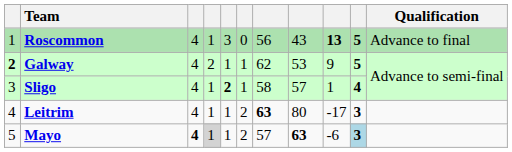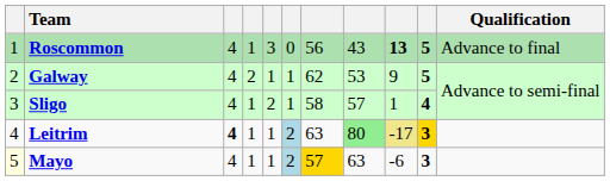 <table class="wikitable">
 <tr>
 <th width="10"></th>
 <th width="170" style="text-align:left;">Team</th>
 <th width="10"></th>
 <th width="10"></th>
 <th width="10"></th>
 <th width="10"></th>
 <th width="30"></th>
 <th width="30"></th>
 <th width="10"></th>
 <th width="10"></th>
 <th>Qualification</th>
 </tr>
 <tr style="background:#ace1af">
 <td>1</td>
 <td align="left"><strong> <a href='#'>Roscommon</a></strong></td>
 <td>4</td>
 <td>1</td>
 <td>3</td>
 <td>0</td>
 <td>56</td>
 <td>43</td>
 <td><strong>13</strong></td>
 <td><strong>5</strong></td>
 <td>Advance to final</td>
 </tr>
 <tr style="background:#ccffcc">
-<td><strong>2</strong></td>
+<td>2</td>
 <td align="left"><strong> <a href='#'>Galway</a></strong></td>
 <td>4</td>
 <td>2</td>
 <td>1</td>
 <td>1</td>
 <td>62</td>
 <td>53</td>
 <td>9</td>
 <td><strong>5</strong></td>
 <td rowspan=2>Advance to semi-final</td>
 </tr>
 <tr style="background:#ccffcc">
 <td>3</td>
 <td align="left"><strong> <a href='#'>Sligo</a></strong></td>
 <td>4</td>
 <td>1</td>
-<td><strong>2</strong></td>
+<td>2</td>
 <td>1</td>
 <td>58</td>
 <td>57</td>
 <td>1</td>
 <td><strong>4</strong></td>
 </tr>
 <tr>
 <td>4</td>
 <td align="left"><strong> <a href='#'>Leitrim</a></strong></td>
+<td><strong>4</strong></td>
+<td>1</td>
+<td>1</td>
+<td style="background: lightblue;">2</td>
+<td>63</td>
+<td style="background: lightgreen;">80</td>
+<td style="background: khaki;">-17</td>
+<td style="background: gold;"><strong>3</strong></td>
+<td></td>
+</tr>
+<tr>
+<td style="background: lightyellow;">5</td>
+<td align="left"><strong> <a href='#'>Mayo</a></strong></td>
 <td>4</td>
 <td>1</td>
 <td>1</td>
-<td>2</td>
-<td><strong>63</strong></td>
-<td>80</td>
-<td>-17</td>
+<td style="background: lightblue;">2</td>
+<td style="background: gold;">57</td>
+<td>63</td>
+<td>-6</td>
 <td><strong>3</strong></td>
 <td></td>
 </tr>
-<tr>
-<td>5</td>
-<td align="left"><strong> <a href='#'>Mayo</a></strong></td>
-<td><strong>4</strong></td>
-<td style="background: lightgrey;">1</td>
-<td>1</td>
-<td>2</td>
-<td>57</td>
-<td><strong>63</strong></td>
-<td>-6</td>
-<td style="background: lightblue;"><strong>3</strong></td>
-<td></td>
-</tr>
 </table>
